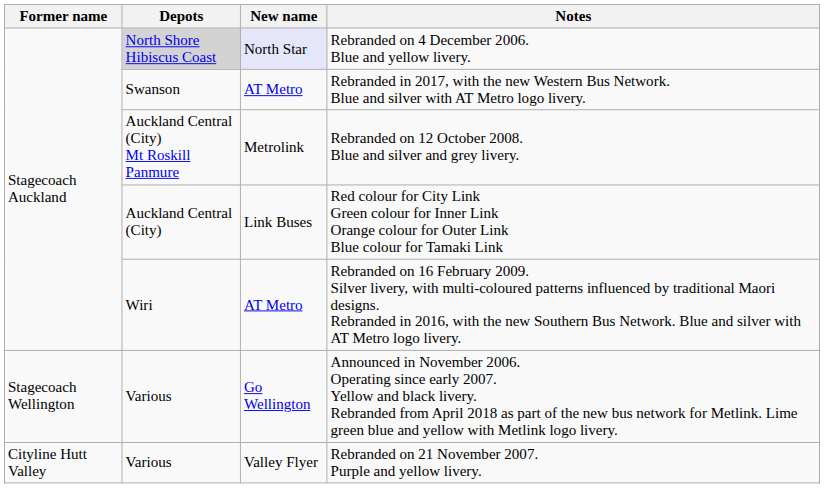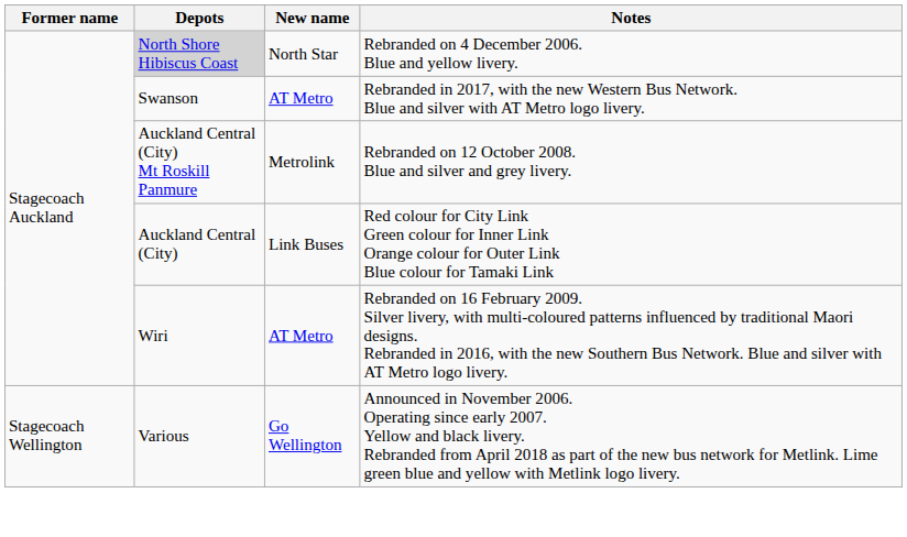 <table class="wikitable">
 <tr>
 <th>Former name</th>
 <th>Depots</th>
 <th>New name</th>
 <th>Notes</th>
 </tr>
 <tr>
 <td rowspan=5>Stagecoach Auckland</td>
 <td style="background: lightgrey;"><a href='#'>North Shore</a><br><a href='#'>Hibiscus Coast</a></td>
-<td style="background: lavender;">North Star</td>
+<td>North Star</td>
 <td>Rebranded on 4 December 2006.<br>Blue and yellow livery.</td>
 </tr>
 <tr>
 <td>Swanson</td>
 <td><a href='#'>AT Metro</a></td>
 <td>Rebranded in 2017, with the new Western Bus Network.<br>Blue and silver with AT Metro logo livery.</td>
 </tr>
 <tr>
 <td>Auckland Central (City)<br><a href='#'>Mt Roskill</a><br><a href='#'>Panmure</a></td>
 <td>Metrolink</td>
 <td>Rebranded on 12 October 2008.<br>Blue and silver and grey livery.</td>
 </tr>
 <tr>
 <td>Auckland Central (City)</td>
 <td>Link Buses</td>
 <td>Red colour for City Link<br>Green colour for Inner Link<br>Orange colour for Outer Link<br>Blue colour for Tamaki Link</td>
 </tr>
 <tr>
 <td>Wiri</td>
 <td><a href='#'>AT Metro</a></td>
 <td>Rebranded on 16 February 2009.<br>Silver livery, with multi-coloured patterns influenced by traditional Maori designs.<br>Rebranded in 2016, with the new Southern Bus Network. Blue and silver with AT Metro logo livery.</td>
 </tr>
 <tr>
 <td>Stagecoach Wellington</td>
 <td>Various</td>
 <td><a href='#'>Go Wellington</a></td>
 <td>Announced in November 2006.<br>Operating since early 2007.<br>Yellow and black livery.<br>Rebranded from April 2018 as part of the new bus network for Metlink. Lime green blue and yellow with Metlink logo livery.</td>
 </tr>
-<tr>
-<td>Cityline Hutt Valley</td>
-<td>Various</td>
-<td>Valley Flyer</td>
-<td>Rebranded on 21 November 2007.<br>Purple and yellow livery.</td>
-</tr>
 </table>
